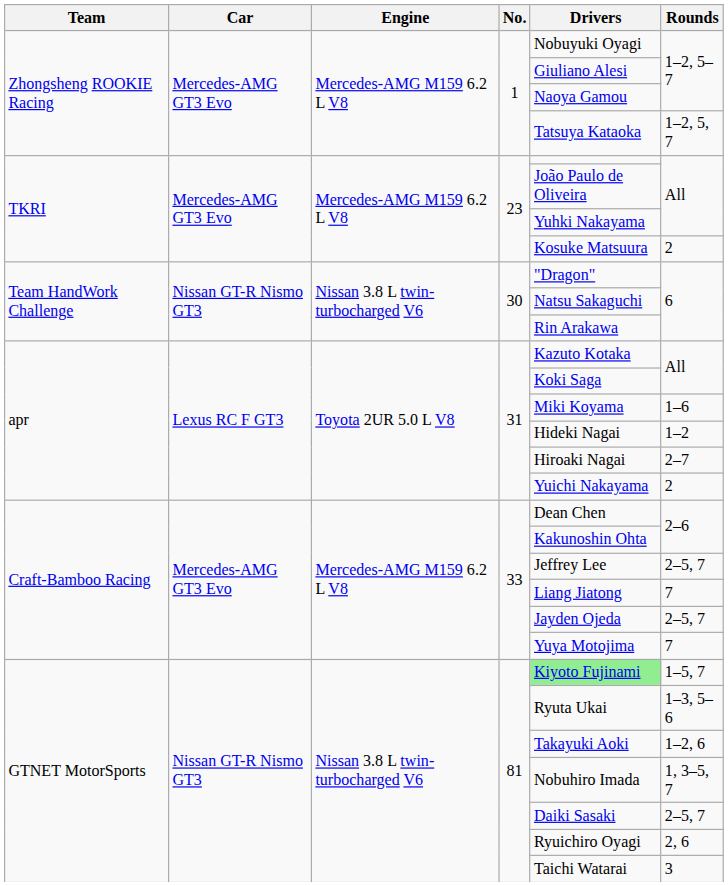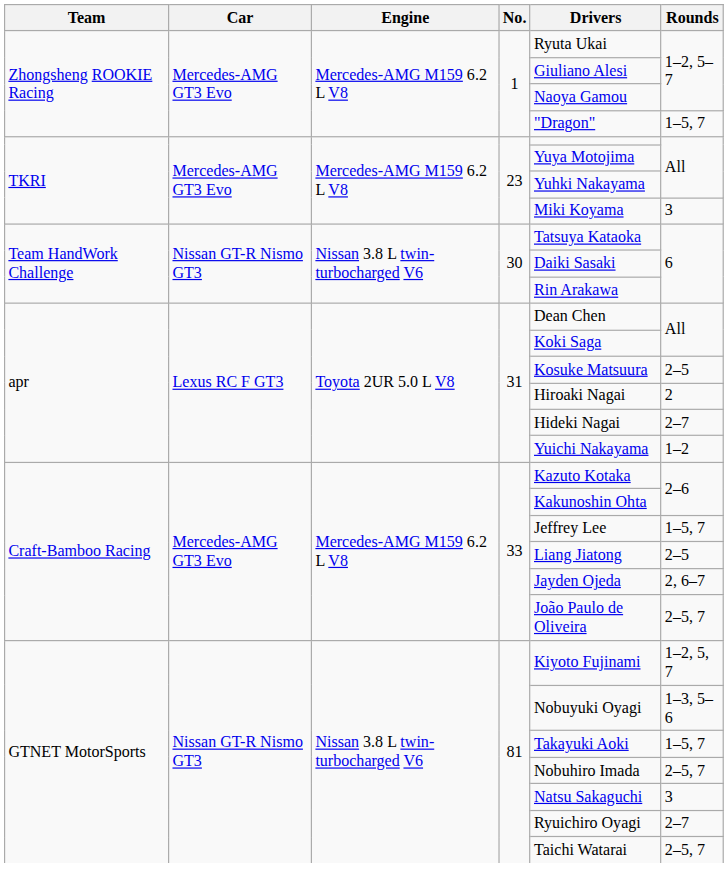 <table class="wikitable" style="font-size: 85%">
 <tr>
 <th>Team</th>
 <th>Car</th>
 <th>Engine</th>
 <th>No.</th>
 <th>Drivers</th>
 <th>Rounds</th>
 </tr>
 <tr>
 <td rowspan="4"> <a href='#'>Zhongsheng</a> <a href='#'>ROOKIE Racing</a></td>
 <td rowspan="4"><a href='#'>Mercedes-AMG GT3 Evo</a></td>
 <td rowspan="4"><a href='#'>Mercedes-AMG M159</a> 6.2 L <a href='#'>V8</a></td>
 <td align="center" rowspan="4">1</td>
-<td> Nobuyuki Oyagi</td>
+<td> Ryuta Ukai</td>
 <td rowspan="3">1–2, 5–7</td>
 </tr>
 <tr>
 <td> <a href='#'>Giuliano Alesi</a></td>
 </tr>
 <tr>
 <td> <a href='#'>Naoya Gamou</a></td>
 </tr>
 <tr>
-<td> <a href='#'>Tatsuya Kataoka</a></td>
-<td>1–2, 5, 7</td>
+<td> <a href='#'>"Dragon"</a></td>
+<td>1–5, 7</td>
 </tr>
 <tr>
 <td rowspan="4"> <a href='#'>TKRI</a></td>
 <td rowspan="4"><a href='#'>Mercedes-AMG GT3 Evo</a></td>
 <td rowspan="4"><a href='#'>Mercedes-AMG M159</a> 6.2 L <a href='#'>V8</a></td>
 <td align="center" rowspan="4">23</td>
 <td> </td>
 <td rowspan="3">All</td>
 </tr>
 <tr>
-<td> <a href='#'>João Paulo de Oliveira</a></td>
+<td> <a href='#'>Yuya Motojima</a></td>
 </tr>
 <tr>
 <td> <a href='#'>Yuhki Nakayama</a></td>
 </tr>
 <tr>
-<td> <a href='#'>Kosuke Matsuura</a></td>
-<td>2</td>
+<td> <a href='#'>Miki Koyama</a></td>
+<td>3</td>
 </tr>
 <tr>
 <td rowspan="3"> <a href='#'>Team HandWork Challenge</a></td>
 <td rowspan="3"><a href='#'>Nissan GT-R Nismo GT3</a></td>
 <td rowspan="3"><a href='#'>Nissan</a> 3.8 L <a href='#'>twin-turbocharged</a> <a href='#'>V6</a></td>
 <td align="center" rowspan="3">30</td>
-<td> <a href='#'>"Dragon"</a></td>
+<td> <a href='#'>Tatsuya Kataoka</a></td>
 <td rowspan="3">6</td>
 </tr>
 <tr>
-<td> <a href='#'>Natsu Sakaguchi</a></td>
+<td> <a href='#'>Daiki Sasaki</a></td>
 </tr>
 <tr>
 <td> <a href='#'>Rin Arakawa</a></td>
 </tr>
 <tr>
 <td rowspan="6"> apr</td>
 <td rowspan="6"><a href='#'>Lexus RC F GT3</a></td>
 <td rowspan="6"><a href='#'>Toyota</a> 2UR 5.0 L <a href='#'>V8</a></td>
 <td align="center" rowspan="6">31</td>
-<td> <a href='#'>Kazuto Kotaka</a></td>
+<td> Dean Chen</td>
 <td rowspan="2">All</td>
 </tr>
 <tr>
 <td> <a href='#'>Koki Saga</a></td>
 </tr>
 <tr>
-<td> <a href='#'>Miki Koyama</a></td>
-<td>1–6</td>
+<td> <a href='#'>Kosuke Matsuura</a></td>
+<td>2–5</td>
+</tr>
+<tr>
+<td> Hiroaki Nagai</td>
+<td>2</td>
 </tr>
 <tr>
 <td> Hideki Nagai</td>
-<td>1–2</td>
-</tr>
-<tr>
-<td> Hiroaki Nagai</td>
 <td>2–7</td>
 </tr>
 <tr>
 <td> <a href='#'>Yuichi Nakayama</a></td>
-<td>2</td>
+<td>1–2</td>
 </tr>
 <tr>
 <td rowspan="6"> <a href='#'>Craft-Bamboo Racing</a></td>
 <td rowspan="6"><a href='#'>Mercedes-AMG GT3 Evo</a></td>
 <td rowspan="6"><a href='#'>Mercedes-AMG M159</a> 6.2 L <a href='#'>V8</a></td>
 <td align="center" rowspan="6">33</td>
-<td> Dean Chen</td>
+<td> <a href='#'>Kazuto Kotaka</a></td>
 <td rowspan="2">2–6</td>
 </tr>
 <tr>
 <td> <a href='#'>Kakunoshin Ohta</a></td>
 </tr>
 <tr>
 <td> Jeffrey Lee</td>
-<td>2–5, 7</td>
+<td>1–5, 7</td>
 </tr>
 <tr>
 <td> <a href='#'>Liang Jiatong</a></td>
-<td>7</td>
+<td>2–5</td>
 </tr>
 <tr>
 <td> <a href='#'>Jayden Ojeda</a></td>
-<td>2–5, 7</td>
+<td>2, 6–7</td>
 </tr>
 <tr>
-<td> <a href='#'>Yuya Motojima</a></td>
-<td>7</td>
+<td> <a href='#'>João Paulo de Oliveira</a></td>
+<td>2–5, 7</td>
 </tr>
 <tr>
 <td rowspan="7"> GTNET MotorSports</td>
 <td rowspan="7"><a href='#'>Nissan GT-R Nismo GT3</a></td>
 <td rowspan="7"><a href='#'>Nissan</a> 3.8 L <a href='#'>twin-turbocharged</a> <a href='#'>V6</a></td>
 <td align="center" rowspan="7">81</td>
-<td style="background: lightgreen;"> <a href='#'>Kiyoto Fujinami</a></td>
-<td>1–5, 7</td>
+<td> <a href='#'>Kiyoto Fujinami</a></td>
+<td>1–2, 5, 7</td>
 </tr>
 <tr>
-<td> Ryuta Ukai</td>
+<td> Nobuyuki Oyagi</td>
 <td>1–3, 5–6</td>
 </tr>
 <tr>
 <td> <a href='#'>Takayuki Aoki</a></td>
-<td>1–2, 6</td>
+<td>1–5, 7</td>
 </tr>
 <tr>
 <td> Nobuhiro Imada</td>
-<td>1, 3–5, 7</td>
-</tr>
-<tr>
-<td> <a href='#'>Daiki Sasaki</a></td>
 <td>2–5, 7</td>
 </tr>
 <tr>
+<td> <a href='#'>Natsu Sakaguchi</a></td>
+<td>3</td>
+</tr>
+<tr>
 <td> Ryuichiro Oyagi</td>
-<td>2, 6</td>
+<td>2–7</td>
 </tr>
 <tr>
 <td> Taichi Watarai</td>
-<td>3</td>
+<td>2–5, 7</td>
 </tr>
 </table>
